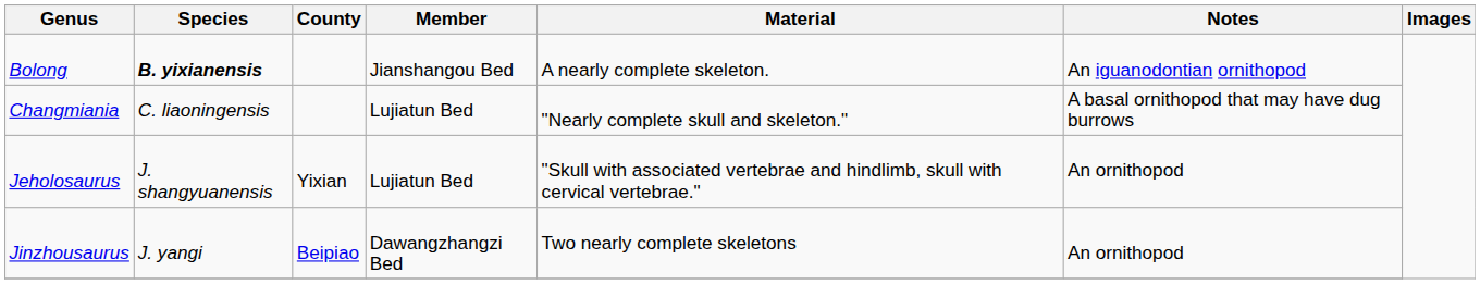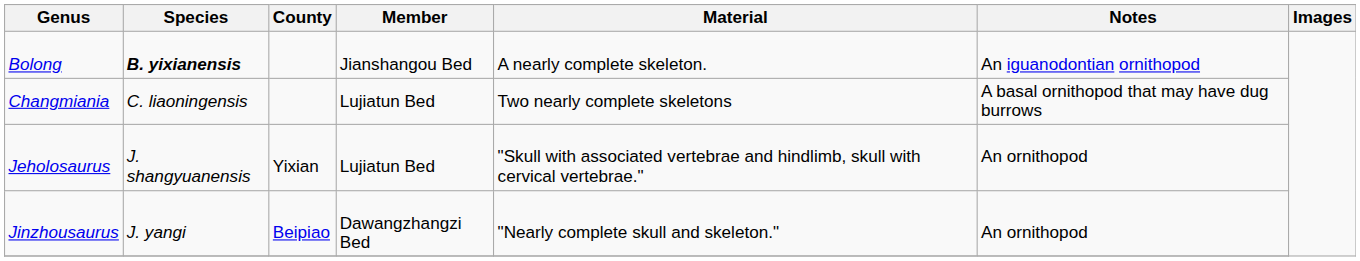 <table class="wikitable" align="center" width="100%">
 <tr>
 <th>Genus</th>
 <th>Species</th>
 <th>County</th>
 <th>Member</th>
 <th>Material</th>
 <th>Notes</th>
 <th>Images</th>
 </tr>
 <tr>
 <td><br><em><a href='#'>Bolong</a></em></td>
 <td><strong><br><em>B. yixianensis</em></strong></td>
 <td></td>
 <td><br>Jianshangou Bed</td>
 <td><br>A nearly complete skeleton.</td>
 <td><br>An <a href='#'>iguanodontian</a> <a href='#'>ornithopod</a></td>
 <td rowspan="100"><br> </td>
 </tr>
 <tr>
 <td><em><a href='#'>Changmiania</a></em></td>
 <td><em>C. liaoningensis</em></td>
 <td></td>
 <td>Lujiatun Bed</td>
-<td><br>"Nearly complete skull and skeleton."</td>
+<td>Two nearly complete skeletons</td>
 <td>A basal ornithopod that may have dug burrows</td>
 </tr>
 <tr>
 <td><br><em><a href='#'>Jeholosaurus</a></em></td>
 <td><br><em>J. shangyuanensis</em></td>
 <td><br>Yixian</td>
 <td><br>Lujiatun Bed</td>
 <td><br>"Skull with associated vertebrae and hindlimb, skull with cervical vertebrae."</td>
 <td>An ornithopod</td>
 </tr>
 <tr>
 <td><br><em><a href='#'>Jinzhousaurus</a></em></td>
 <td><br><em>J. yangi</em></td>
 <td><br><a href='#'>Beipiao</a></td>
 <td><br>Dawangzhangzi Bed</td>
-<td>Two nearly complete skeletons</td>
+<td><br>"Nearly complete skull and skeleton."</td>
 <td><br>An ornithopod</td>
 </tr>
 <tr>
 </tr>
 </table>
